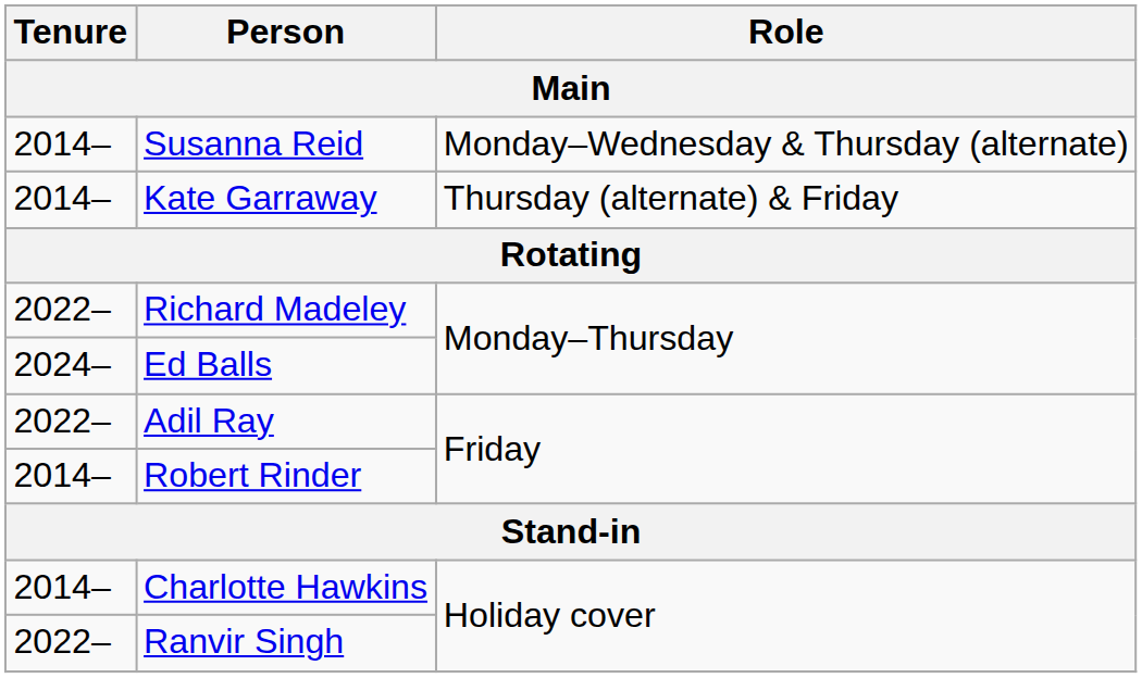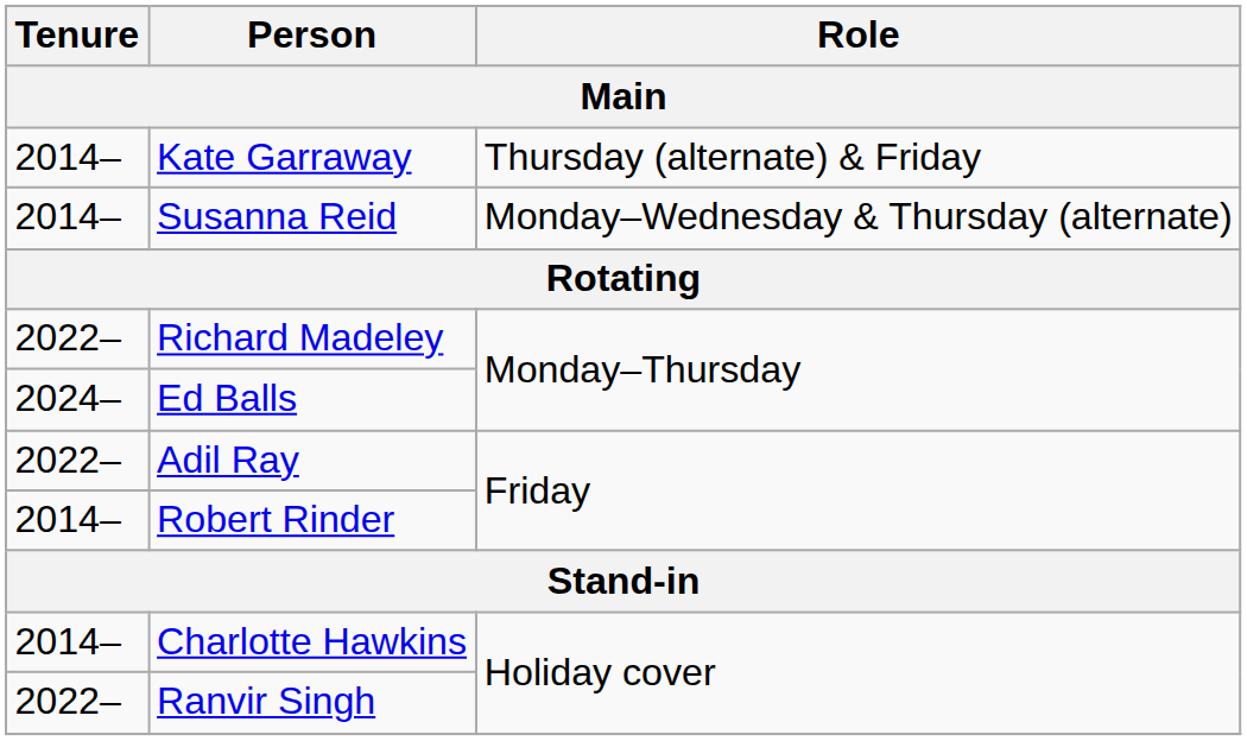 <table class="wikitable">
 <tr>
 <th>Tenure</th>
 <th>Person</th>
 <th>Role</th>
 </tr>
 <tr>
 <th colspan="3">Main</th>
 </tr>
 <tr>
 <td>2014–</td>
-<td><a href='#'>Susanna Reid</a></td>
-<td>Monday–Wednesday & Thursday (alternate)</td>
+<td><a href='#'>Kate Garraway</a></td>
+<td>Thursday (alternate) & Friday</td>
 </tr>
 <tr>
 <td>2014–</td>
-<td><a href='#'>Kate Garraway</a></td>
-<td>Thursday (alternate) & Friday</td>
+<td><a href='#'>Susanna Reid</a></td>
+<td>Monday–Wednesday & Thursday (alternate)</td>
 </tr>
 <tr>
 <th colspan="3">Rotating</th>
 </tr>
 <tr>
 <td>2022–</td>
 <td><a href='#'>Richard Madeley</a></td>
 <td rowspan="2">Monday–Thursday</td>
 </tr>
 <tr>
 <td>2024–</td>
 <td><a href='#'>Ed Balls</a></td>
 </tr>
 <tr>
 <td>2022–</td>
 <td><a href='#'>Adil Ray</a></td>
 <td rowspan="2">Friday</td>
 </tr>
 <tr>
 <td>2014–</td>
 <td><a href='#'>Robert Rinder</a></td>
 </tr>
 <tr>
 <th colspan="3">Stand-in</th>
 </tr>
 <tr>
 <td>2014–</td>
 <td><a href='#'>Charlotte Hawkins</a></td>
 <td rowspan="2”">Holiday cover</td>
 </tr>
 <tr>
 <td>2022–</td>
 <td><a href='#'>Ranvir Singh</a></td>
 </tr>
 <tr>
 </tr>
 </table>
